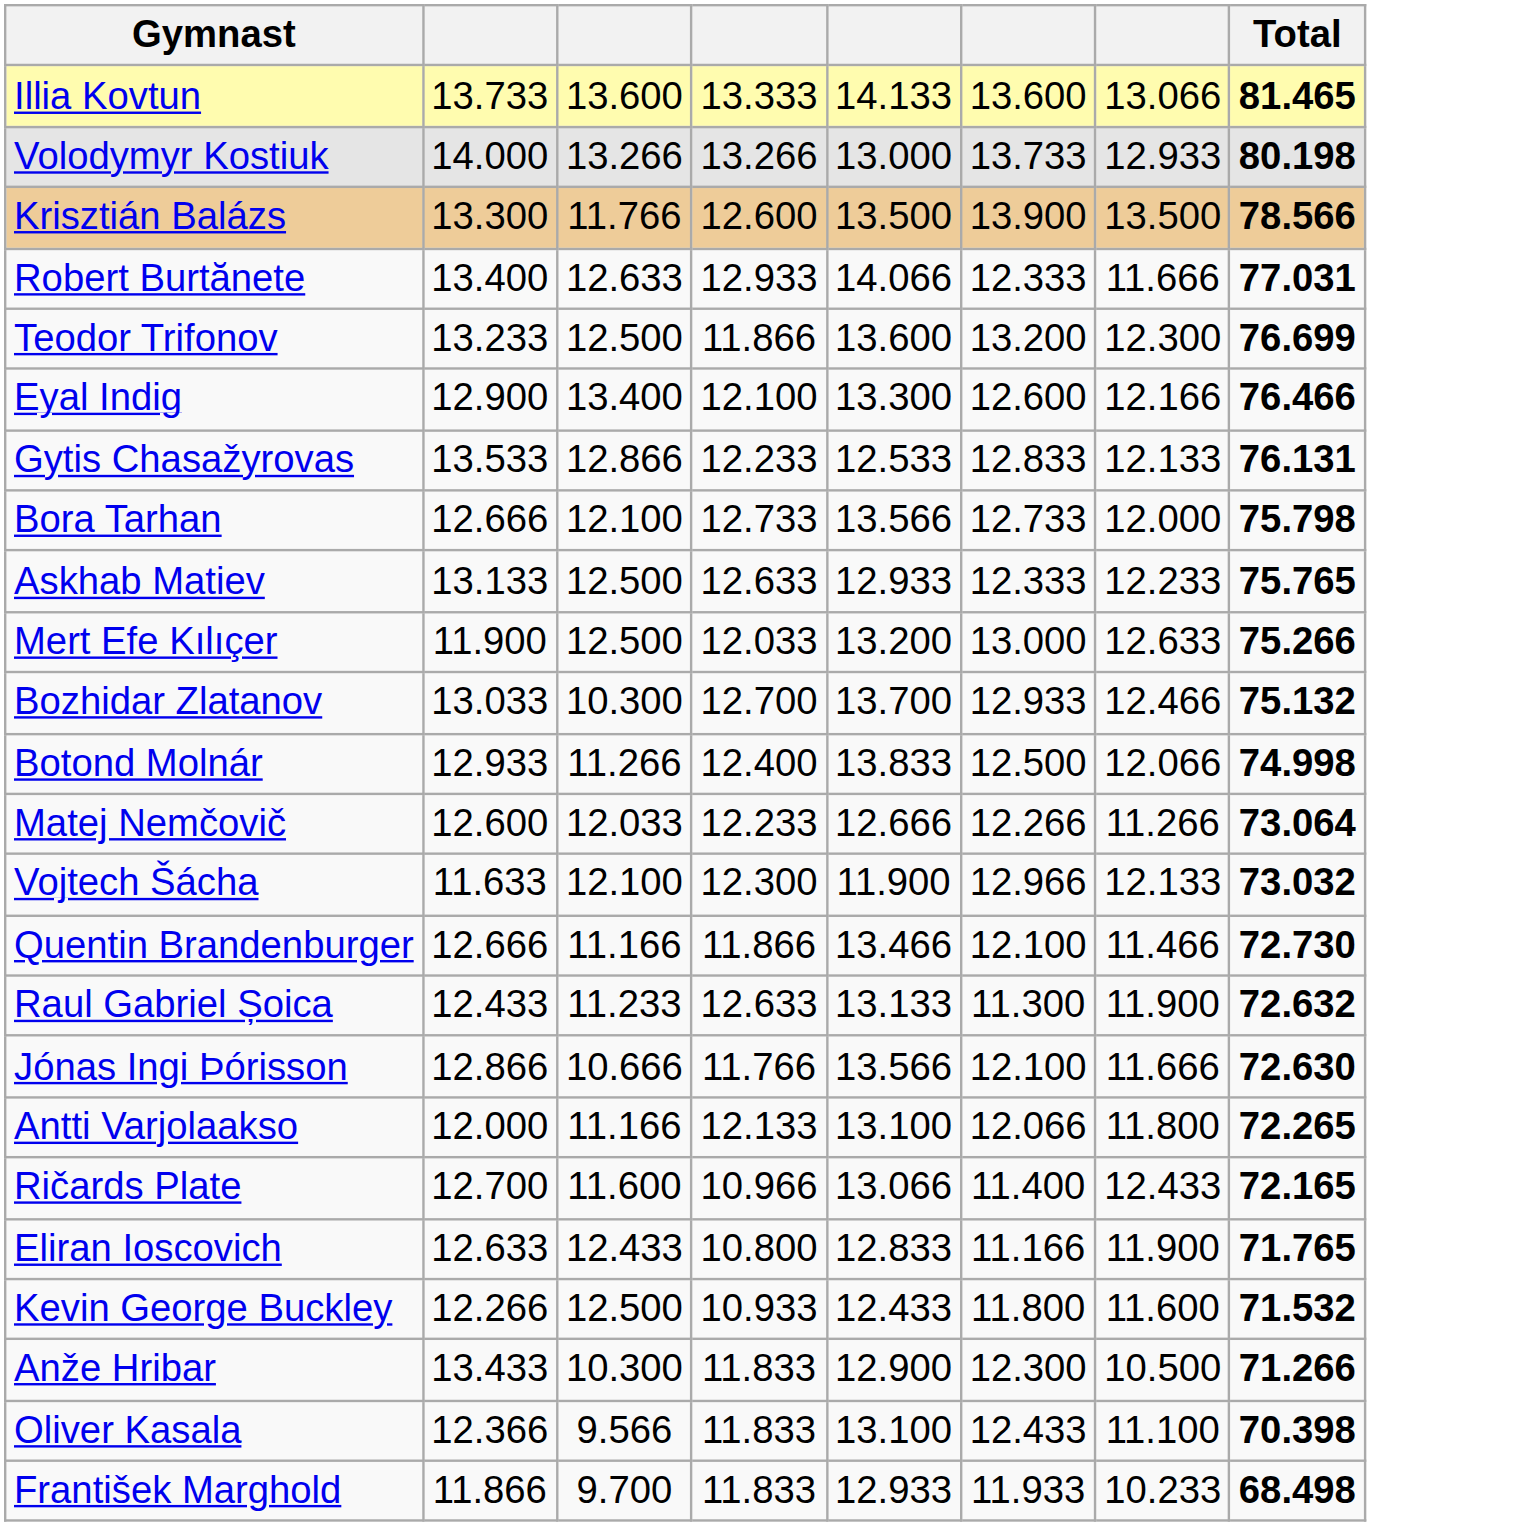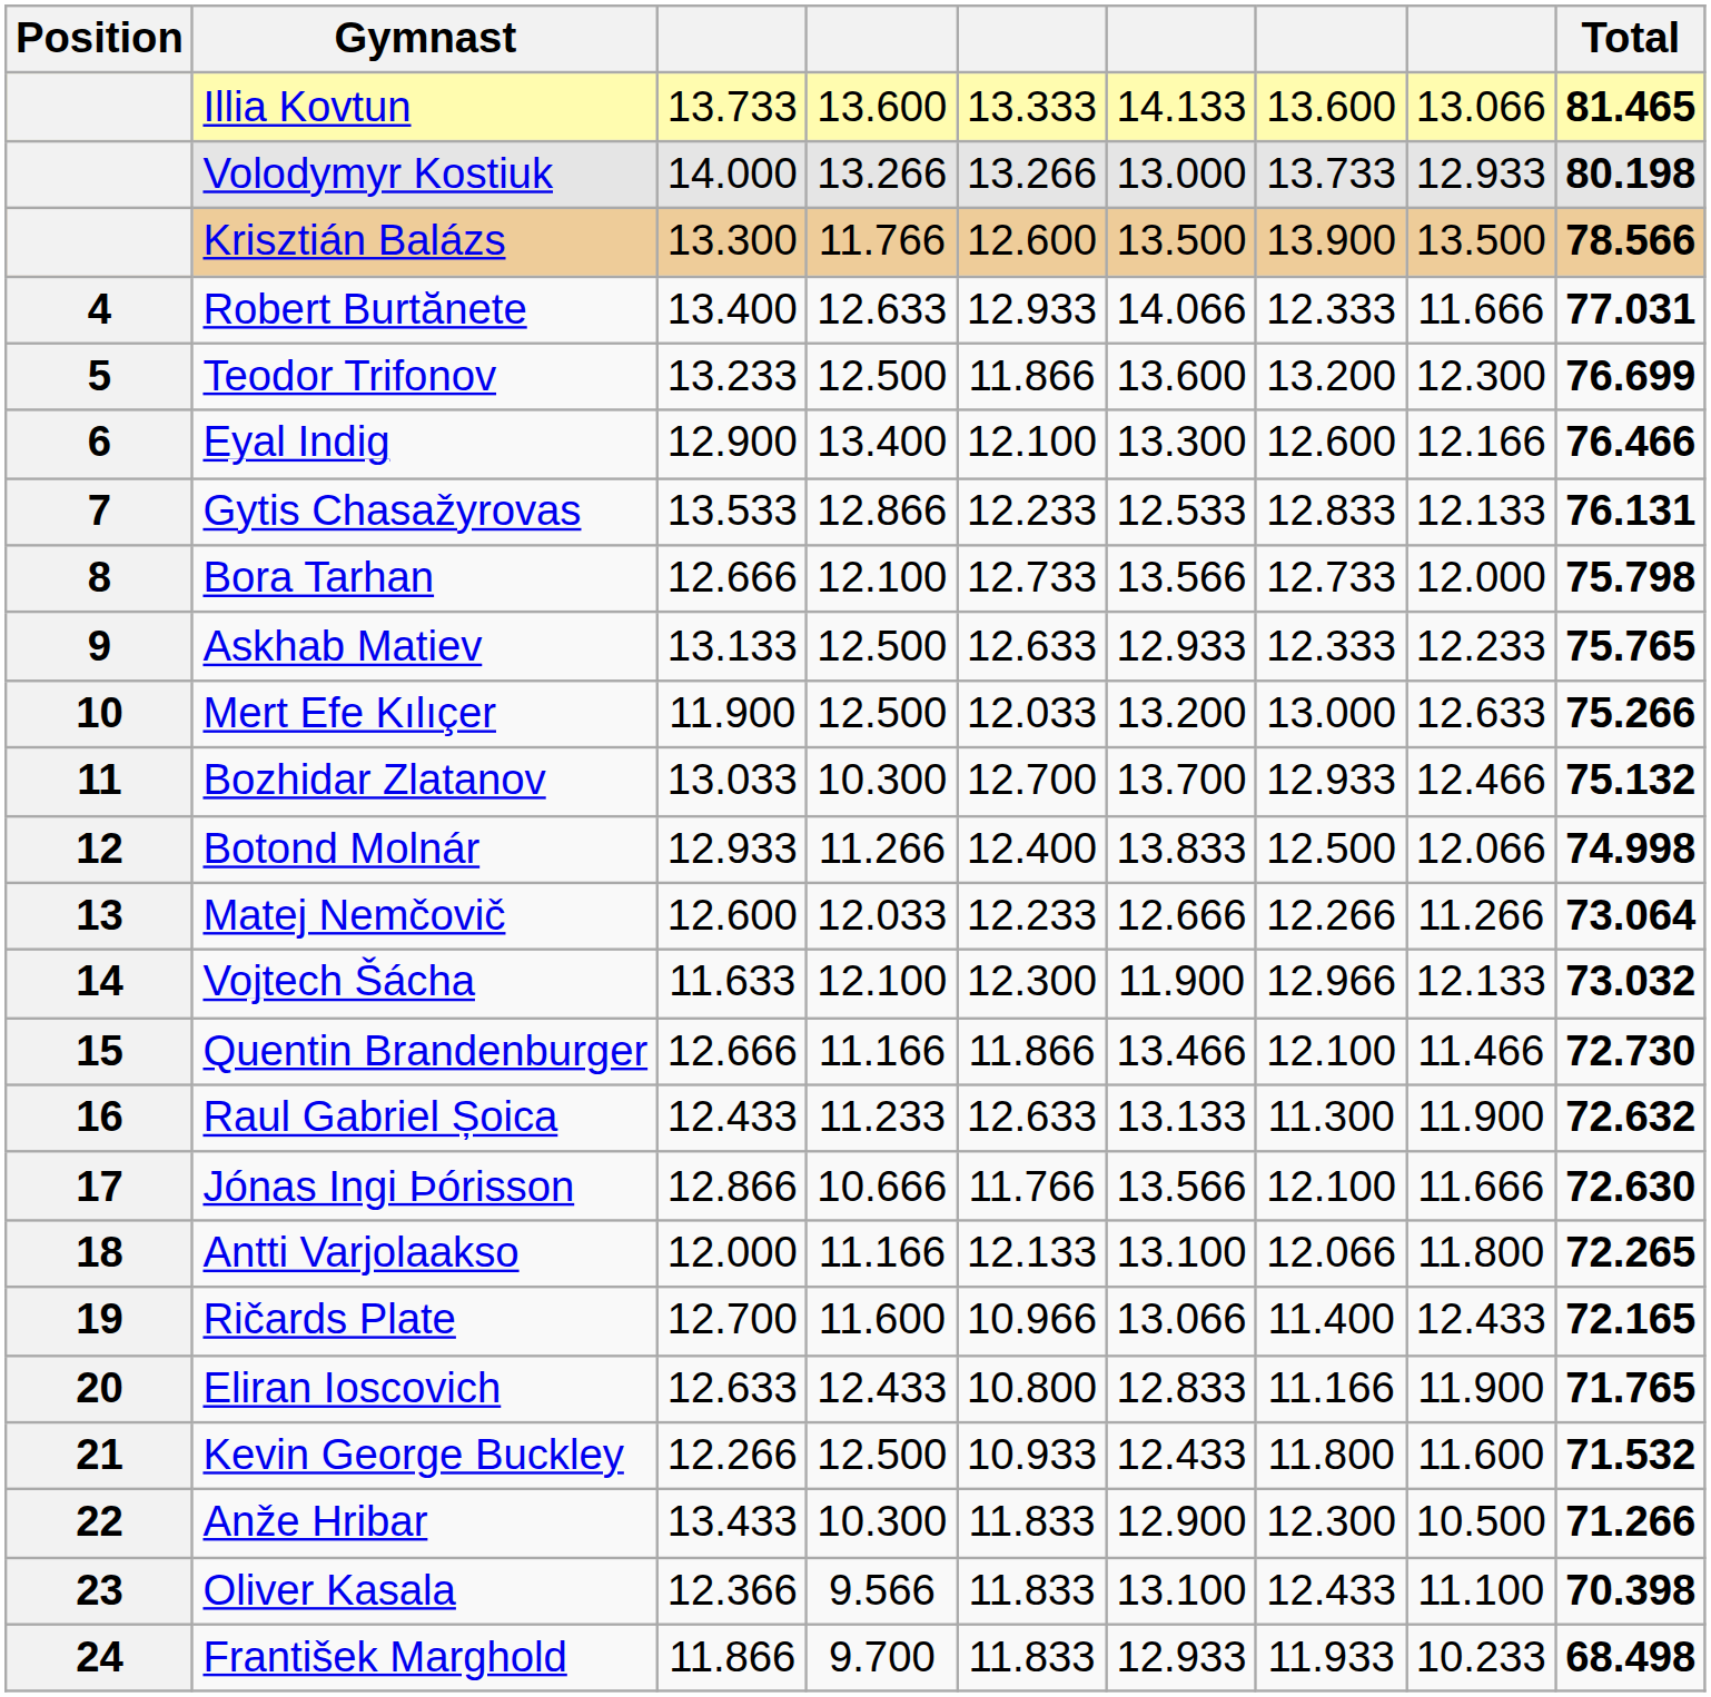 <table class="wikitable sortable" style="text-align:center; font-size:100%">
 <tr>
+<th>Position</th>
 <th>Gymnast</th>
 <th></th>
 <th></th>
 <th></th>
 <th></th>
 <th></th>
 <th></th>
 <th>Total</th>
 </tr>
 <tr style="background:#fffcaf;">
+<th scope="row" style="text-align:center"></th>
 <td style="text-align:left;"> <a href='#'>Illia Kovtun</a></td>
 <td>13.733</td>
 <td>13.600</td>
 <td>13.333</td>
 <td>14.133</td>
 <td>13.600</td>
 <td>13.066</td>
 <td><strong>81.465</strong></td>
 </tr>
 <tr style="background:#e5e5e5;">
+<th scope="row" style="text-align:center"></th>
 <td style="text-align:left;"> <a href='#'>Volodymyr Kostiuk</a></td>
 <td>14.000</td>
 <td>13.266</td>
 <td>13.266</td>
 <td>13.000</td>
 <td>13.733</td>
 <td>12.933</td>
 <td><strong>80.198</strong></td>
 </tr>
 <tr style="background:#ec9;">
+<th scope="row" style="text-align:center"></th>
 <td style="text-align:left;"> <a href='#'>Krisztián Balázs</a></td>
 <td>13.300</td>
 <td>11.766</td>
 <td>12.600</td>
 <td>13.500</td>
 <td>13.900</td>
 <td>13.500</td>
 <td><strong>78.566</strong></td>
 </tr>
 <tr>
+<th>4</th>
 <td style="text-align:left;"> <a href='#'>Robert Burtănete</a></td>
 <td>13.400</td>
 <td>12.633</td>
 <td>12.933</td>
 <td>14.066</td>
 <td>12.333</td>
 <td>11.666</td>
 <td><strong>77.031</strong></td>
 </tr>
 <tr>
+<th>5</th>
 <td style="text-align:left;"> <a href='#'>Teodor Trifonov</a></td>
 <td>13.233</td>
 <td>12.500</td>
 <td>11.866</td>
 <td>13.600</td>
 <td>13.200</td>
 <td>12.300</td>
 <td><strong>76.699</strong></td>
 </tr>
 <tr>
+<th>6</th>
 <td style="text-align:left;"> <a href='#'>Eyal Indig</a></td>
 <td>12.900</td>
 <td>13.400</td>
 <td>12.100</td>
 <td>13.300</td>
 <td>12.600</td>
 <td>12.166</td>
 <td><strong>76.466</strong></td>
 </tr>
 <tr>
+<th>7</th>
 <td style="text-align:left;"> <a href='#'>Gytis Chasažyrovas</a></td>
 <td>13.533</td>
 <td>12.866</td>
 <td>12.233</td>
 <td>12.533</td>
 <td>12.833</td>
 <td>12.133</td>
 <td><strong>76.131</strong></td>
 </tr>
 <tr>
+<th>8</th>
 <td style="text-align:left;"> <a href='#'>Bora Tarhan</a></td>
 <td>12.666</td>
 <td>12.100</td>
 <td>12.733</td>
 <td>13.566</td>
 <td>12.733</td>
 <td>12.000</td>
 <td><strong>75.798</strong></td>
 </tr>
 <tr>
+<th>9</th>
 <td style="text-align:left;"> <a href='#'>Askhab Matiev</a></td>
 <td>13.133</td>
 <td>12.500</td>
 <td>12.633</td>
 <td>12.933</td>
 <td>12.333</td>
 <td>12.233</td>
 <td><strong>75.765</strong></td>
 </tr>
 <tr>
+<th>10</th>
 <td style="text-align:left;"> <a href='#'>Mert Efe Kılıçer</a></td>
 <td>11.900</td>
 <td>12.500</td>
 <td>12.033</td>
 <td>13.200</td>
 <td>13.000</td>
 <td>12.633</td>
 <td><strong>75.266</strong></td>
 </tr>
 <tr>
+<th>11</th>
 <td style="text-align:left;"> <a href='#'>Bozhidar Zlatanov</a></td>
 <td>13.033</td>
 <td>10.300</td>
 <td>12.700</td>
 <td>13.700</td>
 <td>12.933</td>
 <td>12.466</td>
 <td><strong>75.132</strong></td>
 </tr>
 <tr>
+<th>12</th>
 <td style="text-align:left;"> <a href='#'>Botond Molnár</a></td>
 <td>12.933</td>
 <td>11.266</td>
 <td>12.400</td>
 <td>13.833</td>
 <td>12.500</td>
 <td>12.066</td>
 <td><strong>74.998</strong></td>
 </tr>
 <tr>
+<th>13</th>
 <td style="text-align:left;"> <a href='#'>Matej Nemčovič</a></td>
 <td>12.600</td>
 <td>12.033</td>
 <td>12.233</td>
 <td>12.666</td>
 <td>12.266</td>
 <td>11.266</td>
 <td><strong>73.064</strong></td>
 </tr>
 <tr>
+<th>14</th>
 <td style="text-align:left;"> <a href='#'>Vojtech Šácha</a></td>
 <td>11.633</td>
 <td>12.100</td>
 <td>12.300</td>
 <td>11.900</td>
 <td>12.966</td>
 <td>12.133</td>
 <td><strong>73.032</strong></td>
 </tr>
 <tr>
+<th>15</th>
 <td style="text-align:left;"> <a href='#'>Quentin Brandenburger</a></td>
 <td>12.666</td>
 <td>11.166</td>
 <td>11.866</td>
 <td>13.466</td>
 <td>12.100</td>
 <td>11.466</td>
 <td><strong>72.730</strong></td>
 </tr>
 <tr>
+<th>16</th>
 <td style="text-align:left;"> <a href='#'>Raul Gabriel Șoica</a></td>
 <td>12.433</td>
 <td>11.233</td>
 <td>12.633</td>
 <td>13.133</td>
 <td>11.300</td>
 <td>11.900</td>
 <td><strong>72.632</strong></td>
 </tr>
 <tr>
+<th>17</th>
 <td style="text-align:left;"> <a href='#'>Jónas Ingi Þórisson</a></td>
 <td>12.866</td>
 <td>10.666</td>
 <td>11.766</td>
 <td>13.566</td>
 <td>12.100</td>
 <td>11.666</td>
 <td><strong>72.630</strong></td>
 </tr>
 <tr>
+<th>18</th>
 <td style="text-align:left;"> <a href='#'>Antti Varjolaakso</a></td>
 <td>12.000</td>
 <td>11.166</td>
 <td>12.133</td>
 <td>13.100</td>
 <td>12.066</td>
 <td>11.800</td>
 <td><strong>72.265</strong></td>
 </tr>
 <tr>
+<th>19</th>
 <td style="text-align:left;"> <a href='#'>Ričards Plate</a></td>
 <td>12.700</td>
 <td>11.600</td>
 <td>10.966</td>
 <td>13.066</td>
 <td>11.400</td>
 <td>12.433</td>
 <td><strong>72.165</strong></td>
 </tr>
 <tr>
+<th>20</th>
 <td style="text-align:left;"> <a href='#'>Eliran Ioscovich</a></td>
 <td>12.633</td>
 <td>12.433</td>
 <td>10.800</td>
 <td>12.833</td>
 <td>11.166</td>
 <td>11.900</td>
 <td><strong>71.765</strong></td>
 </tr>
 <tr>
+<th>21</th>
 <td style="text-align:left;"> <a href='#'>Kevin George Buckley</a></td>
 <td>12.266</td>
 <td>12.500</td>
 <td>10.933</td>
 <td>12.433</td>
 <td>11.800</td>
 <td>11.600</td>
 <td><strong>71.532</strong></td>
 </tr>
 <tr>
+<th>22</th>
 <td style="text-align:left;"> <a href='#'>Anže Hribar</a></td>
 <td>13.433</td>
 <td>10.300</td>
 <td>11.833</td>
 <td>12.900</td>
 <td>12.300</td>
 <td>10.500</td>
 <td><strong>71.266</strong></td>
 </tr>
 <tr>
+<th>23</th>
 <td style="text-align:left;"> <a href='#'>Oliver Kasala</a></td>
 <td>12.366</td>
 <td>9.566</td>
 <td>11.833</td>
 <td>13.100</td>
 <td>12.433</td>
 <td>11.100</td>
 <td><strong>70.398</strong></td>
 </tr>
 <tr>
+<th>24</th>
 <td style="text-align:left;"> <a href='#'>František Marghold</a></td>
 <td>11.866</td>
 <td>9.700</td>
 <td>11.833</td>
 <td>12.933</td>
 <td>11.933</td>
 <td>10.233</td>
 <td><strong>68.498</strong></td>
 </tr>
 </table>
